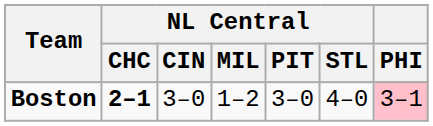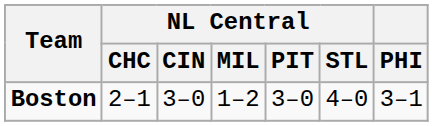 <table class="wikitable" style="text-align:center; font-size: 95%;">
 <tr>
 <th rowspan=2>Team</th>
 <th colspan=5>NL Central</th>
 <th> </th>
 </tr>
 <tr>
 <th><strong>CHC</strong></th>
 <th><strong>CIN</strong></th>
 <th><strong>MIL</strong></th>
 <th><strong>PIT</strong></th>
 <th><strong>STL</strong></th>
 <th><strong>PHI</strong></th>
 </tr>
 <tr>
 <td><strong>Boston</strong></td>
-<td><strong>2–1</strong></td>
+<td>2–1</td>
 <td>3–0</td>
 <td>1–2</td>
 <td>3–0</td>
 <td>4–0</td>
-<td style="background: pink;">3–1</td>
+<td>3–1</td>
 </tr>
 </table>
